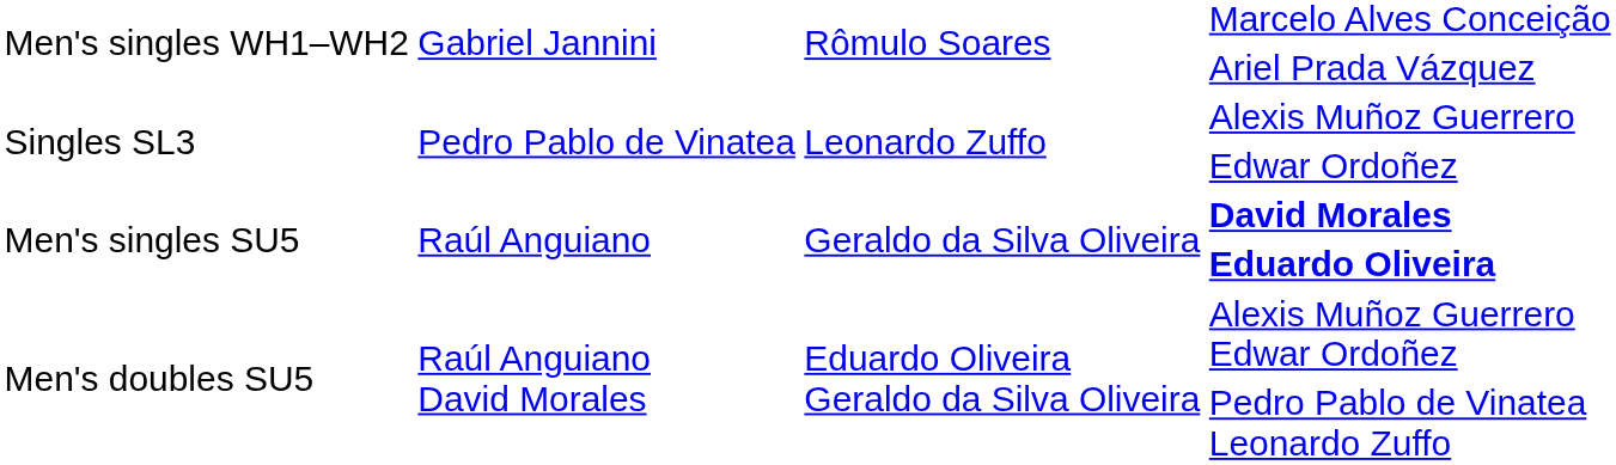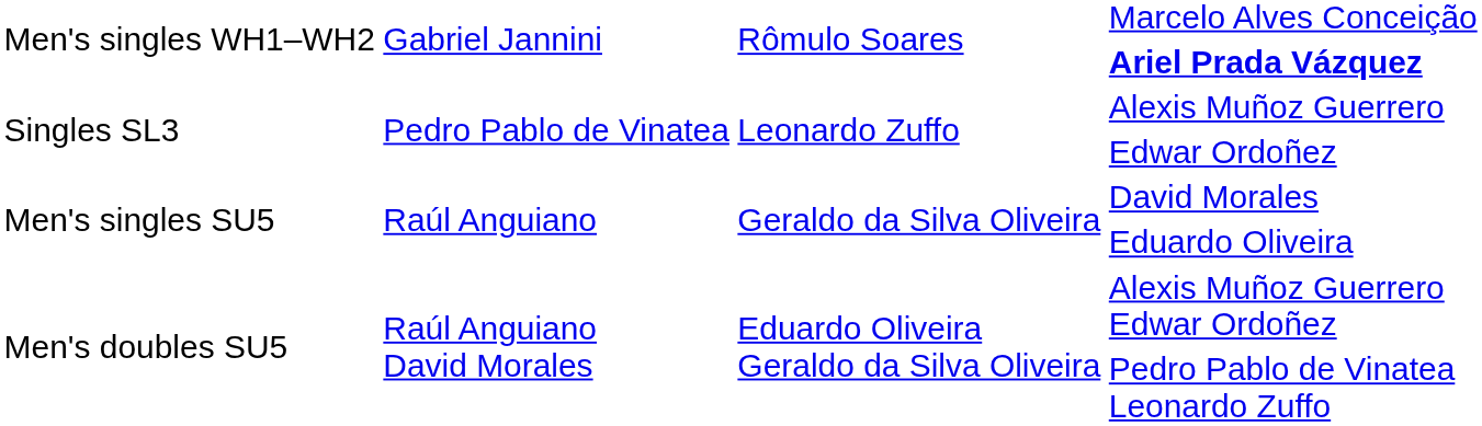 <table>
 <tr>
 <td rowspan="2">Men's singles WH1–WH2</td>
 <td rowspan="2"> <a href='#'>Gabriel Jannini</a></td>
 <td rowspan="2"> <a href='#'>Rômulo Soares</a></td>
 <td> <a href='#'>Marcelo Alves Conceição</a></td>
 </tr>
 <tr>
-<td> <a href='#'>Ariel Prada Vázquez</a></td>
+<td><strong> <a href='#'>Ariel Prada Vázquez</a></strong></td>
 </tr>
 <tr>
 <td rowspan="2">Singles SL3</td>
 <td rowspan="2"> <a href='#'>Pedro Pablo de Vinatea</a></td>
 <td rowspan="2"> <a href='#'>Leonardo Zuffo</a></td>
 <td> <a href='#'>Alexis Muñoz Guerrero</a></td>
 </tr>
 <tr>
 <td> <a href='#'>Edwar Ordoñez</a></td>
 </tr>
 <tr>
 <td rowspan="2">Men's singles SU5</td>
 <td rowspan="2"> <a href='#'>Raúl Anguiano</a></td>
 <td rowspan="2"> <a href='#'>Geraldo da Silva Oliveira</a></td>
-<td><strong> <a href='#'>David Morales</a></strong></td>
+<td> <a href='#'>David Morales</a></td>
 </tr>
 <tr>
-<td><strong> <a href='#'>Eduardo Oliveira</a></strong></td>
+<td> <a href='#'>Eduardo Oliveira</a></td>
 </tr>
 <tr>
 <td rowspan="2">Men's doubles SU5</td>
 <td rowspan="2"> <a href='#'>Raúl Anguiano</a><br> <a href='#'>David Morales</a></td>
 <td rowspan="2"> <a href='#'>Eduardo Oliveira</a><br> <a href='#'>Geraldo da Silva Oliveira</a></td>
 <td> <a href='#'>Alexis Muñoz Guerrero</a><br> <a href='#'>Edwar Ordoñez</a></td>
 </tr>
 <tr>
 <td> <a href='#'>Pedro Pablo de Vinatea</a><br> <a href='#'>Leonardo Zuffo</a></td>
 </tr>
 </table>
